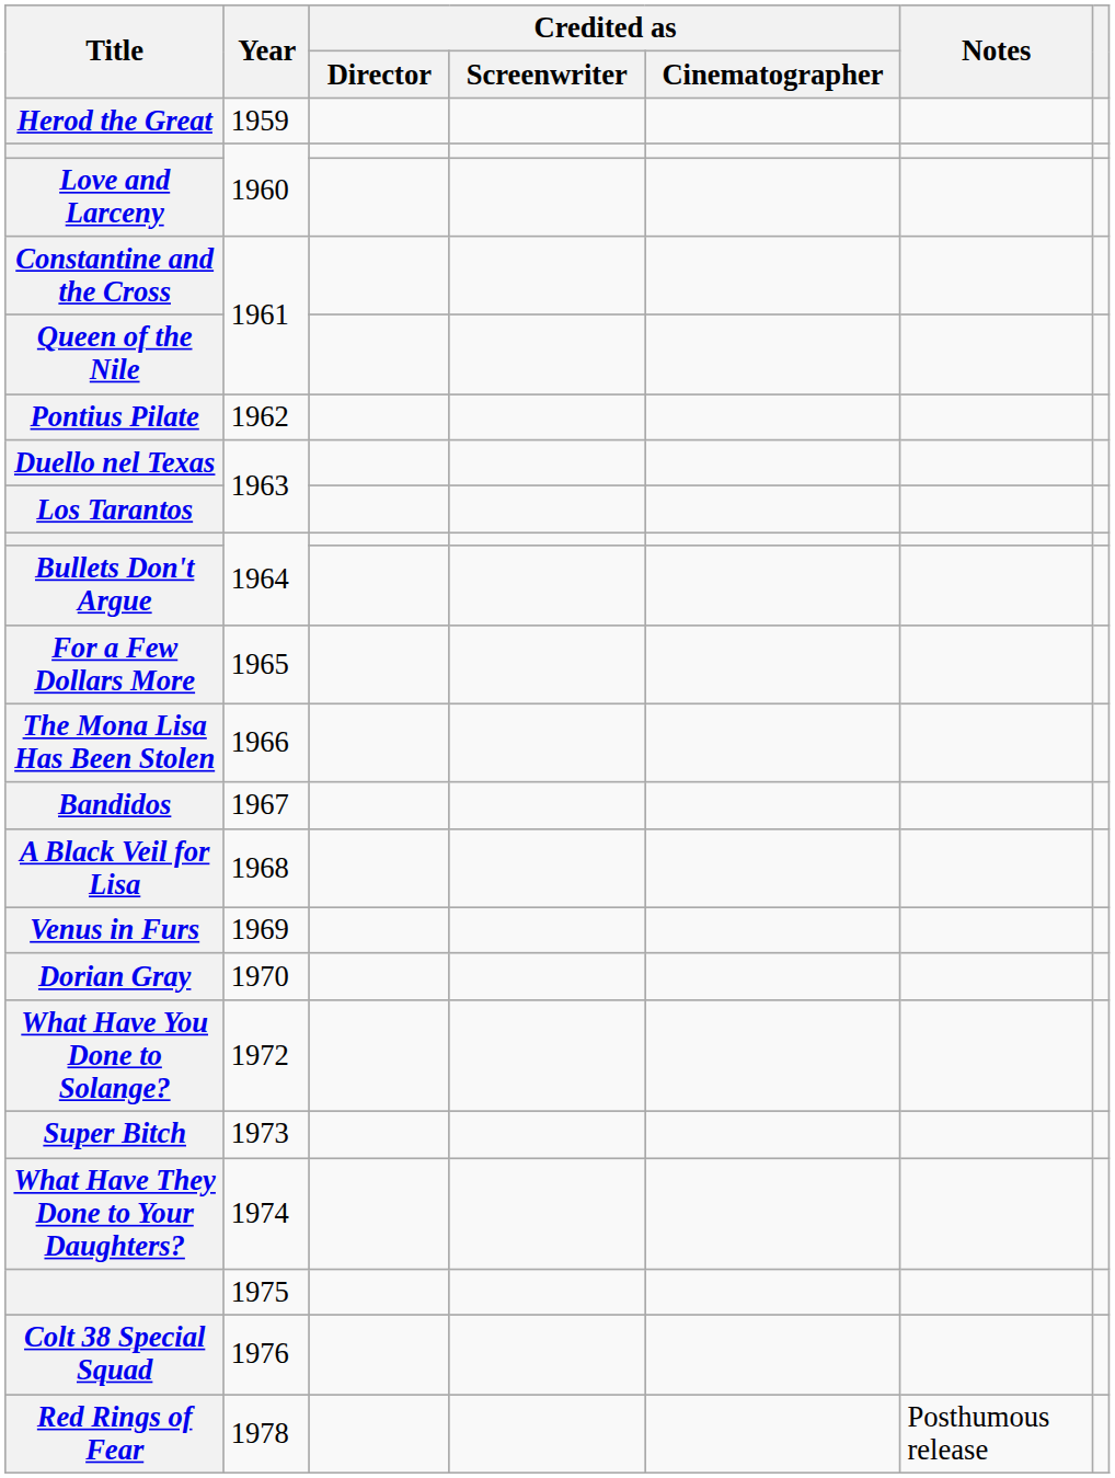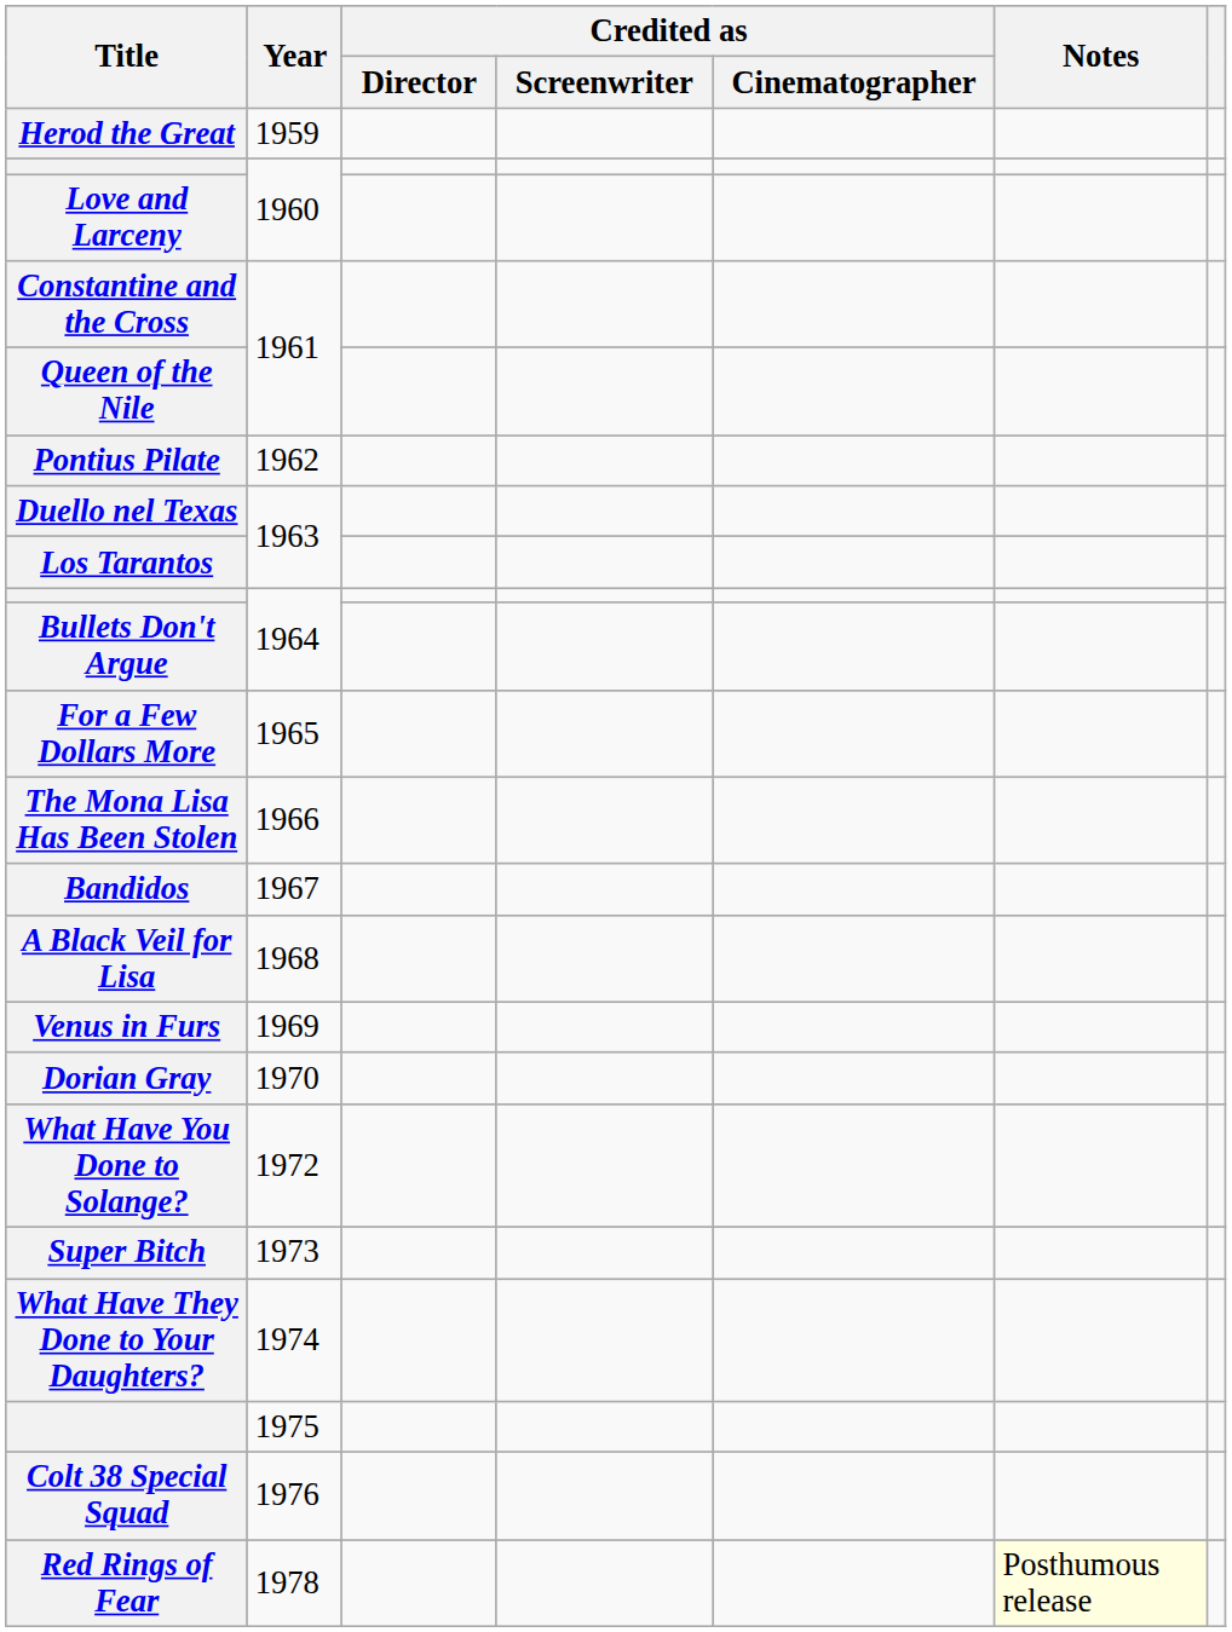 <table class="wikitable sortable plainrowheaders">
 <tr>
 <th width="15%" rowspan="2" scope="col">Title</th>
 <th width="4%" rowspan="2" scope="col">Year</th>
 <th colspan="3" scope="col">Credited as</th>
 <th width="10%" rowspan="2" scope="col" class="unsortable">Notes</th>
 <th width="1%" rowspan="2" scope="col" class="unsortable"></th>
 </tr>
 <tr>
 <th width=6%>Director</th>
 <th width=6%>Screenwriter</th>
 <th width=6%>Cinematographer</th>
 </tr>
 <tr>
 <th scope="row"><em><a href='#'>Herod the Great</a></em></th>
 <td>1959</td>
 <td></td>
 <td></td>
 <td></td>
 <td></td>
 <td style="text-align:center;"></td>
 </tr>
 <tr>
 <th scope="row"></th>
 <td rowspan="2">1960</td>
 <td></td>
 <td></td>
 <td></td>
 <td></td>
 <td style="text-align:center;"></td>
 </tr>
 <tr>
 <th scope="row"><a href='#'><em>Love and Larceny</em></a></th>
 <td></td>
 <td></td>
 <td></td>
 <td></td>
 <td style="text-align:center;"></td>
 </tr>
 <tr>
 <th scope="row"><em><a href='#'>Constantine and the Cross</a></em></th>
 <td rowspan="2">1961</td>
 <td></td>
 <td></td>
 <td></td>
 <td></td>
 <td style="text-align:center;"></td>
 </tr>
 <tr>
 <th scope="row"><a href='#'><em>Queen of the Nile</em></a></th>
 <td></td>
 <td></td>
 <td></td>
 <td></td>
 <td style="text-align:center;"></td>
 </tr>
 <tr>
 <th scope="row"><em><a href='#'>Pontius Pilate</a></em></th>
 <td>1962</td>
 <td></td>
 <td></td>
 <td></td>
 <td></td>
 <td style="text-align:center;"></td>
 </tr>
 <tr>
 <th scope="row"><em><a href='#'>Duello nel Texas</a></em></th>
 <td rowspan="2">1963</td>
 <td></td>
 <td></td>
 <td></td>
 <td></td>
 <td style="text-align:center;"></td>
 </tr>
 <tr>
 <th scope="row"><em><a href='#'>Los Tarantos</a></em></th>
 <td></td>
 <td></td>
 <td></td>
 <td></td>
 <td style="text-align:center;"></td>
 </tr>
 <tr>
 <th scope="row"></th>
 <td rowspan=2>1964</td>
 <td></td>
 <td></td>
 <td></td>
 <td></td>
 <td style="text-align:center;"></td>
 </tr>
 <tr>
 <th scope="row"><em><a href='#'>Bullets Don't Argue</a></em></th>
 <td></td>
 <td></td>
 <td></td>
 <td></td>
 <td style="text-align:center;"></td>
 </tr>
 <tr>
 <th scope="row"><em><a href='#'>For a Few Dollars More</a></em></th>
 <td>1965</td>
 <td></td>
 <td></td>
 <td></td>
 <td></td>
 <td style="text-align:center;"></td>
 </tr>
 <tr>
 <th scope="row"><em><a href='#'>The Mona Lisa Has Been Stolen</a></em></th>
 <td>1966</td>
 <td></td>
 <td></td>
 <td></td>
 <td></td>
 <td style="text-align:center;"></td>
 </tr>
 <tr>
 <th scope="row"><em><a href='#'>Bandidos</a></em></th>
 <td>1967</td>
 <td></td>
 <td></td>
 <td></td>
 <td></td>
 <td style="text-align:center;"></td>
 </tr>
 <tr>
 <th scope="row"><em><a href='#'>A Black Veil for Lisa</a></em></th>
 <td>1968</td>
 <td></td>
 <td></td>
 <td></td>
 <td></td>
 <td style="text-align:center;"></td>
 </tr>
 <tr>
 <th scope="row"><em><a href='#'>Venus in Furs</a></em></th>
 <td>1969</td>
 <td></td>
 <td></td>
 <td></td>
 <td></td>
 <td style="text-align:center;"></td>
 </tr>
 <tr>
 <th scope="row"><em><a href='#'>Dorian Gray</a></em></th>
 <td>1970</td>
 <td></td>
 <td></td>
 <td></td>
 <td></td>
 <td style="text-align:center;"></td>
 </tr>
 <tr>
 <th scope="row"><em><a href='#'>What Have You Done to Solange?</a></em></th>
 <td>1972</td>
 <td></td>
 <td></td>
 <td></td>
 <td></td>
 <td style="text-align:center;"></td>
 </tr>
 <tr>
 <th scope="row"><em><a href='#'>Super Bitch</a></em></th>
 <td>1973</td>
 <td></td>
 <td></td>
 <td></td>
 <td></td>
 <td style="text-align:center;"></td>
 </tr>
 <tr>
 <th scope="row"><em><a href='#'>What Have They Done to Your Daughters?</a></em></th>
 <td>1974</td>
 <td></td>
 <td></td>
 <td></td>
 <td></td>
 <td style="text-align:center;"></td>
 </tr>
 <tr>
 <th scope="row"></th>
 <td>1975</td>
 <td></td>
 <td></td>
 <td></td>
 <td></td>
 <td style="text-align:center;"></td>
 </tr>
 <tr>
 <th scope="row"><em><a href='#'>Colt 38 Special Squad</a></em></th>
 <td>1976</td>
 <td></td>
 <td></td>
 <td></td>
 <td></td>
 <td style="text-align:center;"></td>
 </tr>
 <tr>
 <th scope="row"><em><a href='#'>Red Rings of Fear</a></em></th>
 <td>1978</td>
 <td></td>
 <td></td>
 <td></td>
-<td>Posthumous release</td>
+<td style="background: lightyellow;">Posthumous release</td>
 <td style="text-align:center;"></td>
 </tr>
 <tr>
 </tr>
 </table>
